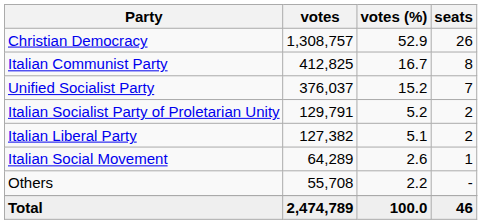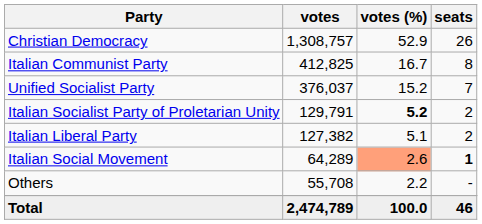 <table class="wikitable" style="font-size:95%">
 <tr bgcolor="EFEFEF">
 <th>Party</th>
 <th>votes</th>
 <th>votes (%)</th>
 <th>seats</th>
 </tr>
 <tr>
 <td><a href='#'>Christian Democracy</a></td>
 <td align=right>1,308,757</td>
 <td align=right>52.9</td>
 <td align=right>26</td>
 </tr>
 <tr>
 <td><a href='#'>Italian Communist Party</a></td>
 <td align=right>412,825</td>
 <td align=right>16.7</td>
 <td align=right>8</td>
 </tr>
 <tr>
 <td><a href='#'>Unified Socialist Party</a></td>
 <td align=right>376,037</td>
 <td align=right>15.2</td>
 <td align=right>7</td>
 </tr>
 <tr>
 <td><a href='#'>Italian Socialist Party of Proletarian Unity</a></td>
 <td align=right>129,791</td>
-<td align=right>5.2</td>
+<td align=right><strong>5.2</strong></td>
 <td align=right>2</td>
 </tr>
 <tr>
 <td><a href='#'>Italian Liberal Party</a></td>
 <td align=right>127,382</td>
 <td align=right>5.1</td>
 <td align=right>2</td>
 </tr>
 <tr>
 <td><a href='#'>Italian Social Movement</a></td>
 <td align=right>64,289</td>
-<td align=right>2.6</td>
-<td align=right>1</td>
+<td align=right style="background: lightsalmon;">2.6</td>
+<td align=right><strong>1</strong></td>
 </tr>
 <tr>
 <td>Others</td>
 <td align=right>55,708</td>
 <td align=right>2.2</td>
 <td align=right>-</td>
 </tr>
 <tr>
 </tr>
 <tr bgcolor="EFEFEF">
 <td><strong>Total</strong></td>
 <td align=right><strong>2,474,789</strong></td>
 <td align=right><strong>100.0</strong></td>
 <td align=right><strong>46</strong></td>
 </tr>
 </table>
